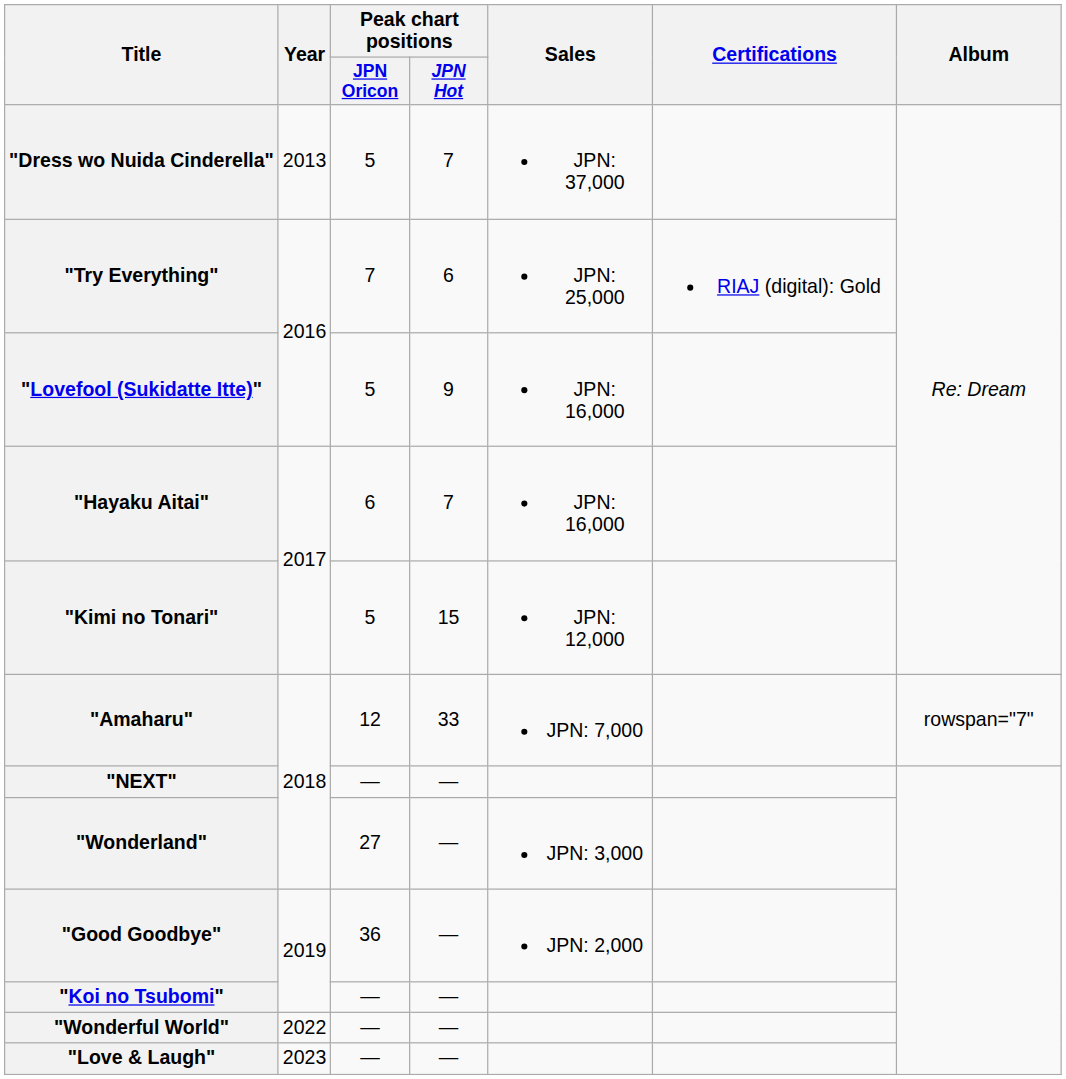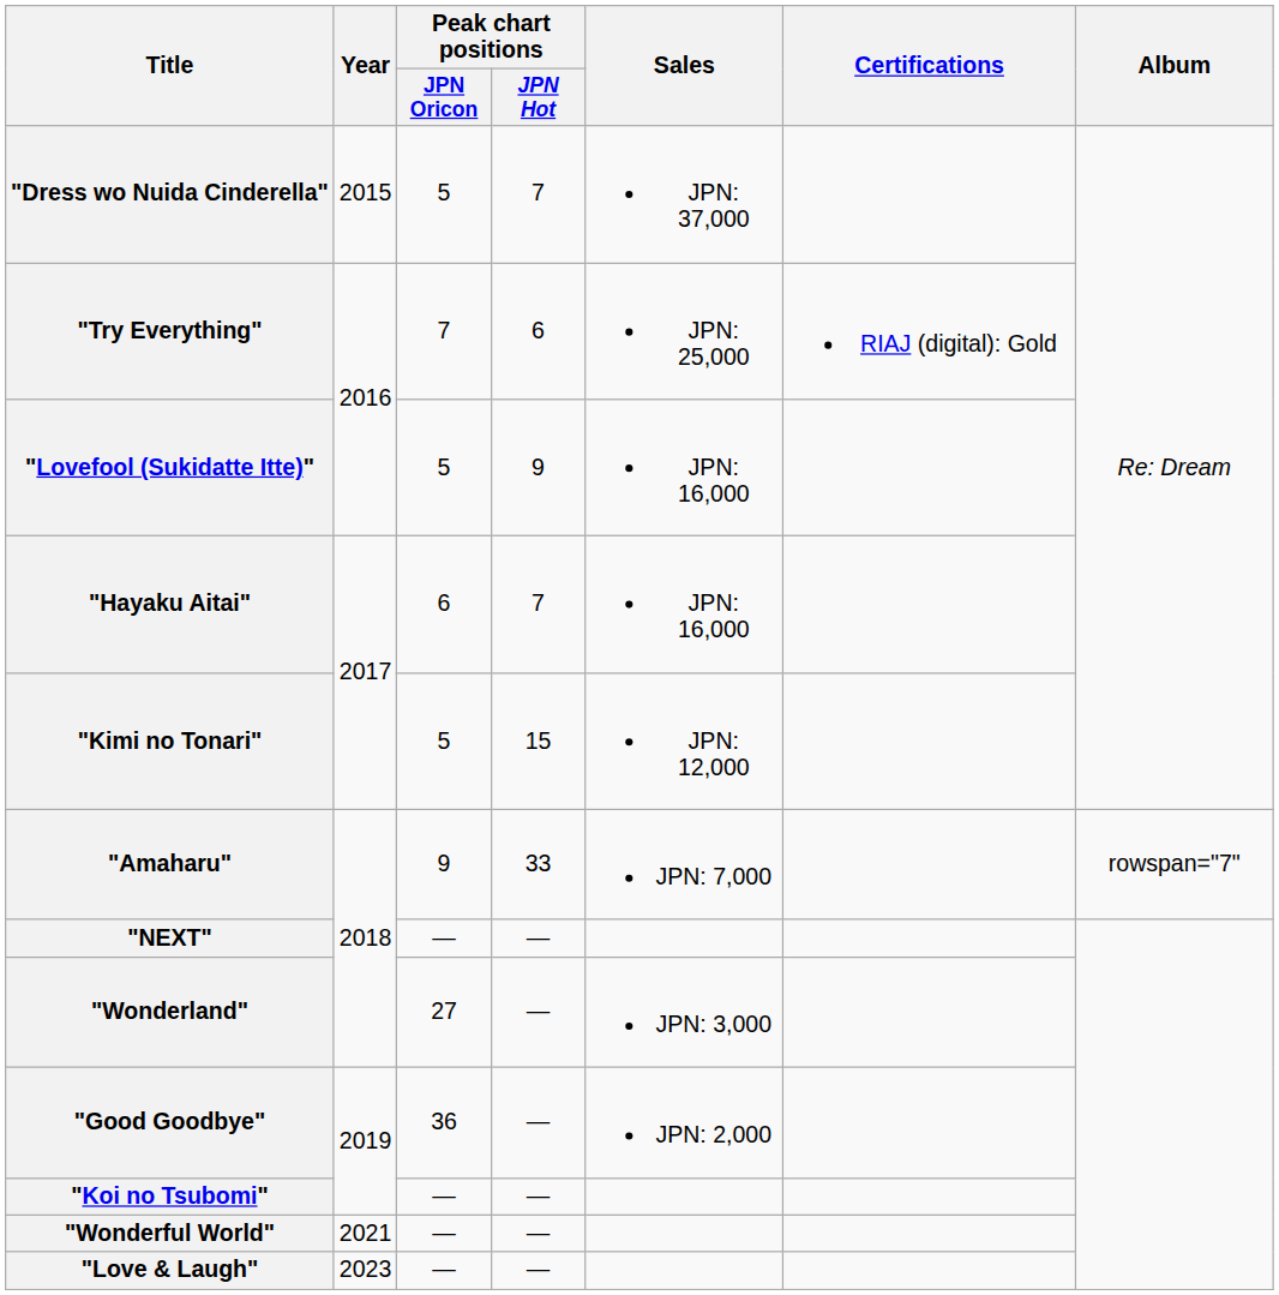 <table class="wikitable plainrowheaders" style="text-align:center;">
 <tr>
 <th scope="col" rowspan="2">Title</th>
 <th scope="col" rowspan="2">Year</th>
 <th scope="col" colspan="2">Peak chart positions</th>
 <th rowspan="2" style="width:8em;">Sales</th>
 <th scope="col" rowspan="2" style="width:12em;"><a href='#'>Certifications</a></th>
 <th scope="col" rowspan="2" style="width:8em;">Album</th>
 </tr>
 <tr>
 <th scope="col" style="width:4em;font-size:90%;"><a href='#'>JPN<br>Oricon</a><br></th>
 <th scope="col" style="width:4em;font-size:90%;"><em><a href='#'>JPN<br>Hot</a></em><br></th>
 </tr>
 <tr>
 <th scope="row">"Dress wo Nuida Cinderella"</th>
-<td>2013</td>
+<td>2015</td>
 <td>5</td>
 <td>7</td>
 <td><br><ul><li>JPN: 37,000</li></ul></td>
 <td></td>
 <td rowspan="5"><em>Re: Dream</em></td>
 </tr>
 <tr>
 <th scope="row">"Try Everything"</th>
 <td rowspan="2">2016</td>
 <td>7</td>
 <td>6</td>
 <td><br><ul><li>JPN: 25,000</li></ul></td>
 <td><br><ul><li><a href='#'>RIAJ</a> <span>(digital)</span>: Gold</li></ul></td>
 </tr>
 <tr>
 <th scope="row">"<a href='#'>Lovefool (Sukidatte Itte)</a>"</th>
 <td>5</td>
 <td>9</td>
 <td><br><ul><li>JPN: 16,000</li></ul></td>
 <td></td>
 </tr>
 <tr>
 <th scope="row">"Hayaku Aitai"</th>
 <td rowspan="2">2017</td>
 <td>6</td>
 <td>7</td>
 <td><br><ul><li>JPN: 16,000</li></ul></td>
 <td></td>
 </tr>
 <tr>
 <th scope="row">"Kimi no Tonari"</th>
 <td>5</td>
 <td>15</td>
 <td><br><ul><li>JPN: 12,000</li></ul></td>
 <td></td>
 </tr>
 <tr>
 <th scope="row">"Amaharu"</th>
 <td rowspan="3">2018</td>
-<td>12</td>
+<td>9</td>
 <td>33</td>
 <td><br><ul><li>JPN: 7,000</li></ul></td>
 <td></td>
 <td>rowspan="7" </td>
 </tr>
 <tr>
 <th scope="row">"NEXT"</th>
 <td>—</td>
 <td>—</td>
 <td></td>
 <td></td>
 </tr>
 <tr>
 <th scope="row">"Wonderland"</th>
 <td>27</td>
 <td>—</td>
 <td><br><ul><li>JPN: 3,000</li></ul></td>
 <td></td>
 </tr>
 <tr>
 <th scope="row">"Good Goodbye"</th>
 <td rowspan="2">2019</td>
 <td>36</td>
 <td>—</td>
 <td><br><ul><li>JPN: 2,000</li></ul></td>
 <td></td>
 </tr>
 <tr>
 <th scope="row">"<a href='#'>Koi no Tsubomi</a>"</th>
 <td>—</td>
 <td>—</td>
 <td></td>
 <td></td>
 </tr>
 <tr>
 <th scope="row">"Wonderful World"</th>
-<td>2022</td>
+<td>2021</td>
 <td>—</td>
 <td>—</td>
 <td></td>
 <td></td>
 </tr>
 <tr>
 <th scope="row">"Love & Laugh"</th>
 <td>2023</td>
 <td>—</td>
 <td>—</td>
 <td></td>
 <td></td>
 </tr>
 <tr>
 </tr>
 </table>
